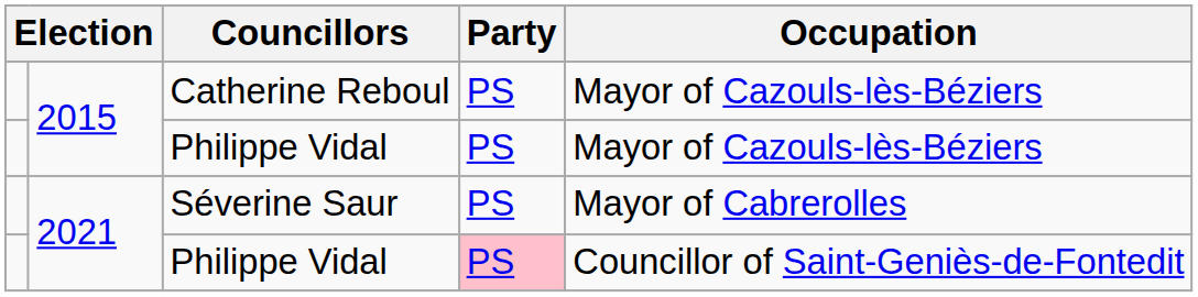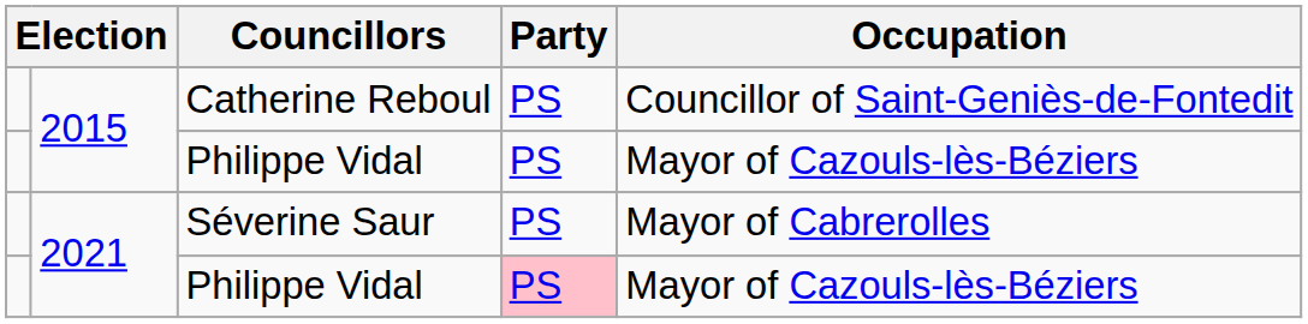 <table class="wikitable">
 <tr>
 <th colspan="2">Election</th>
 <th>Councillors</th>
 <th>Party</th>
 <th>Occupation</th>
 </tr>
 <tr>
 <td style="background-color: "></td>
 <td rowspan="2"><a href='#'>2015</a></td>
 <td>Catherine Reboul</td>
 <td><a href='#'>PS</a></td>
-<td>Mayor of <a href='#'>Cazouls-lès-Béziers</a></td>
+<td>Councillor of <a href='#'>Saint-Geniès-de-Fontedit</a></td>
 </tr>
 <tr>
 <td style="background-color: "></td>
 <td>Philippe Vidal</td>
 <td><a href='#'>PS</a></td>
 <td>Mayor of <a href='#'>Cazouls-lès-Béziers</a></td>
 </tr>
 <tr>
 <td style="background-color: "></td>
 <td rowspan="2"><a href='#'>2021</a></td>
 <td>Séverine Saur</td>
 <td><a href='#'>PS</a></td>
 <td>Mayor of <a href='#'>Cabrerolles</a></td>
 </tr>
 <tr>
 <td style="background-color: "></td>
 <td>Philippe Vidal</td>
 <td style="background: pink;"><a href='#'>PS</a></td>
-<td>Councillor of <a href='#'>Saint-Geniès-de-Fontedit</a></td>
+<td>Mayor of <a href='#'>Cazouls-lès-Béziers</a></td>
 </tr>
 </table>
